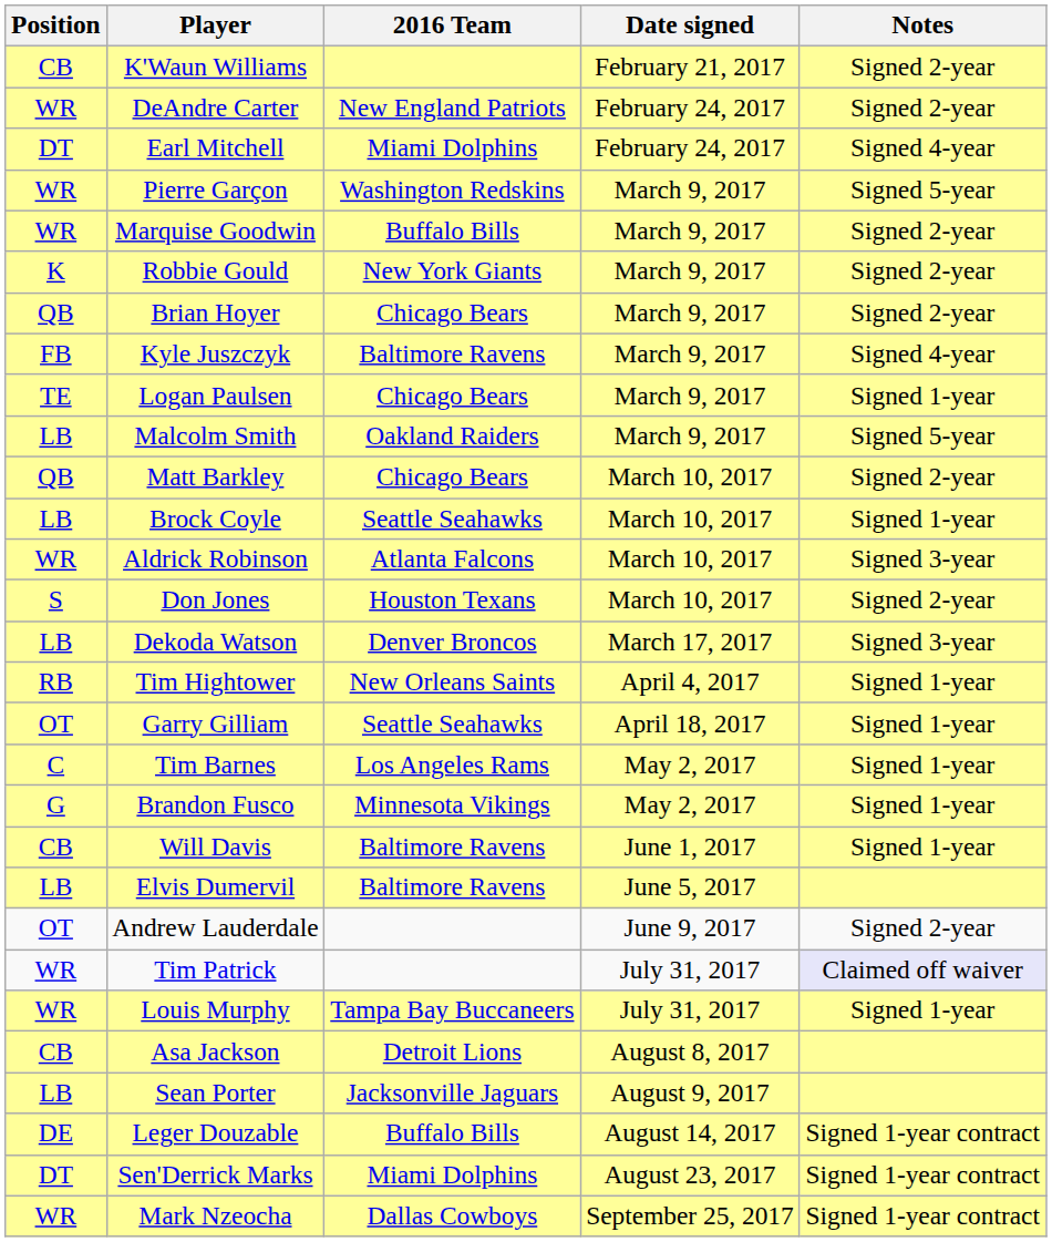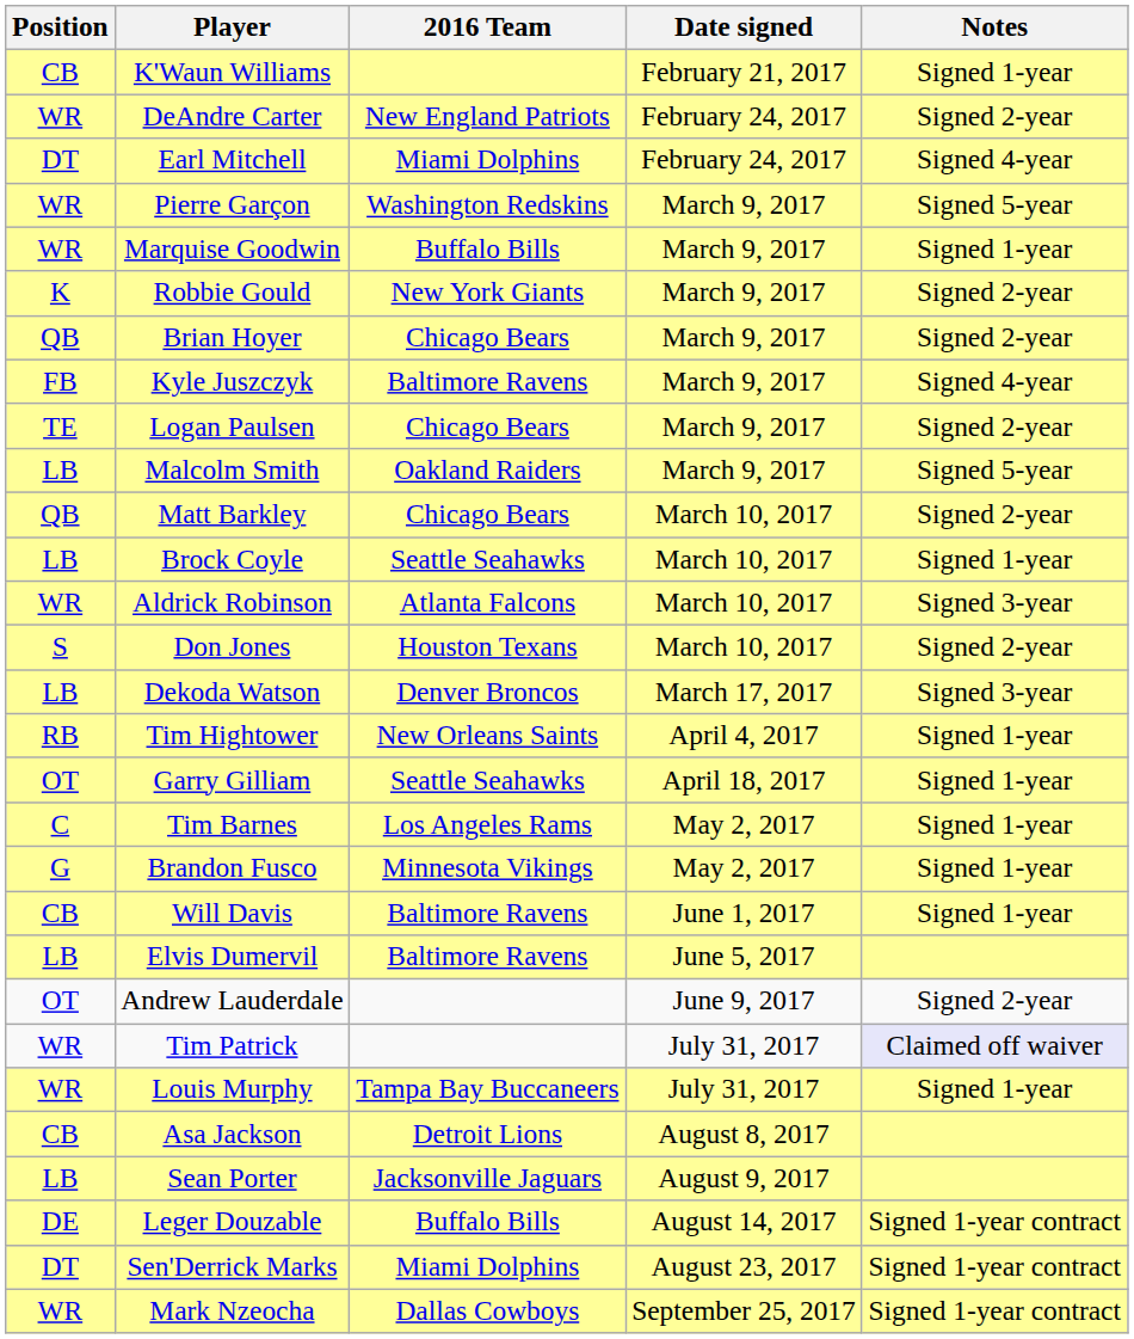 <table class="sortable wikitable">
 <tr>
 <th>Position</th>
 <th>Player</th>
 <th>2016 Team</th>
 <th>Date signed</th>
 <th>Notes</th>
 </tr>
 <tr style="background:#ff9;text-align:center">
 <td><a href='#'>CB</a></td>
 <td><a href='#'>K'Waun Williams</a></td>
 <td></td>
 <td>February 21, 2017</td>
-<td>Signed 2-year</td>
+<td>Signed 1-year</td>
 </tr>
 <tr style="background:#ff9;text-align:center">
 <td><a href='#'>WR</a></td>
 <td><a href='#'>DeAndre Carter</a></td>
 <td><a href='#'>New England Patriots</a></td>
 <td>February 24, 2017</td>
 <td>Signed 2-year</td>
 </tr>
 <tr style="background:#ff9; text-align:center">
 <td><a href='#'>DT</a></td>
 <td><a href='#'>Earl Mitchell</a></td>
 <td><a href='#'>Miami Dolphins</a></td>
 <td>February 24, 2017</td>
 <td>Signed 4-year</td>
 </tr>
 <tr style="background:#ff9; text-align:center">
 <td><a href='#'>WR</a></td>
 <td><a href='#'>Pierre Garçon</a></td>
 <td><a href='#'>Washington Redskins</a></td>
 <td>March 9, 2017</td>
 <td>Signed 5-year</td>
 </tr>
 <tr style="background:#ff9; text-align:center">
 <td><a href='#'>WR</a></td>
 <td><a href='#'>Marquise Goodwin</a></td>
 <td><a href='#'>Buffalo Bills</a></td>
 <td>March 9, 2017</td>
-<td>Signed 2-year</td>
+<td>Signed 1-year</td>
 </tr>
 <tr style="background:#ff9; text-align:center">
 <td><a href='#'>K</a></td>
 <td><a href='#'>Robbie Gould</a></td>
 <td><a href='#'>New York Giants</a></td>
 <td>March 9, 2017</td>
 <td>Signed 2-year</td>
 </tr>
 <tr style="background:#ff9; text-align:center">
 <td><a href='#'>QB</a></td>
 <td><a href='#'>Brian Hoyer</a></td>
 <td><a href='#'>Chicago Bears</a></td>
 <td>March 9, 2017</td>
 <td>Signed 2-year</td>
 </tr>
 <tr style="background:#ff9; text-align:center">
 <td><a href='#'>FB</a></td>
 <td><a href='#'>Kyle Juszczyk</a></td>
 <td><a href='#'>Baltimore Ravens</a></td>
 <td>March 9, 2017</td>
 <td>Signed 4-year</td>
 </tr>
 <tr style="background:#ff9; text-align:center">
 <td><a href='#'>TE</a></td>
 <td><a href='#'>Logan Paulsen</a></td>
 <td><a href='#'>Chicago Bears</a></td>
 <td>March 9, 2017</td>
-<td>Signed 1-year</td>
+<td>Signed 2-year</td>
 </tr>
 <tr style="background:#ff9; text-align:center">
 <td><a href='#'>LB</a></td>
 <td><a href='#'>Malcolm Smith</a></td>
 <td><a href='#'>Oakland Raiders</a></td>
 <td>March 9, 2017</td>
 <td>Signed 5-year</td>
 </tr>
 <tr style="background:#ff9; text-align:center">
 <td><a href='#'>QB</a></td>
 <td><a href='#'>Matt Barkley</a></td>
 <td><a href='#'>Chicago Bears</a></td>
 <td>March 10, 2017</td>
 <td>Signed 2-year</td>
 </tr>
 <tr style="background:#ff9; text-align:center">
 <td><a href='#'>LB</a></td>
 <td><a href='#'>Brock Coyle</a></td>
 <td><a href='#'>Seattle Seahawks</a></td>
 <td>March 10, 2017</td>
 <td>Signed 1-year</td>
 </tr>
 <tr style="background:#ff9; text-align:center">
 <td><a href='#'>WR</a></td>
 <td><a href='#'>Aldrick Robinson</a></td>
 <td><a href='#'>Atlanta Falcons</a></td>
 <td>March 10, 2017</td>
 <td>Signed 3-year</td>
 </tr>
 <tr style="background:#ff9; text-align:center">
 <td><a href='#'>S</a></td>
 <td><a href='#'>Don Jones</a></td>
 <td><a href='#'>Houston Texans</a></td>
 <td>March 10, 2017</td>
 <td>Signed 2-year</td>
 </tr>
 <tr style="background:#ff9; text-align:center">
 <td><a href='#'>LB</a></td>
 <td><a href='#'>Dekoda Watson</a></td>
 <td><a href='#'>Denver Broncos</a></td>
 <td>March 17, 2017</td>
 <td>Signed 3-year</td>
 </tr>
 <tr style="background:#ff9; text-align:center">
 <td><a href='#'>RB</a></td>
 <td><a href='#'>Tim Hightower</a></td>
 <td><a href='#'>New Orleans Saints</a></td>
 <td>April 4, 2017</td>
 <td>Signed 1-year</td>
 </tr>
 <tr style="background:#ff9; text-align:center">
 <td><a href='#'>OT</a></td>
 <td><a href='#'>Garry Gilliam</a></td>
 <td><a href='#'>Seattle Seahawks</a></td>
 <td>April 18, 2017</td>
 <td>Signed 1-year</td>
 </tr>
 <tr style="background:#ff9; text-align:center">
 <td><a href='#'>C</a></td>
 <td><a href='#'>Tim Barnes</a></td>
 <td><a href='#'>Los Angeles Rams</a></td>
 <td>May 2, 2017</td>
 <td>Signed 1-year</td>
 </tr>
 <tr style="background:#ff9; text-align:center">
 <td><a href='#'>G</a></td>
 <td><a href='#'>Brandon Fusco</a></td>
 <td><a href='#'>Minnesota Vikings</a></td>
 <td>May 2, 2017</td>
 <td>Signed 1-year</td>
 </tr>
 <tr style="background:#ff9; text-align:center">
 <td><a href='#'>CB</a></td>
 <td><a href='#'>Will Davis</a></td>
 <td><a href='#'>Baltimore Ravens</a></td>
 <td>June 1, 2017</td>
 <td>Signed 1-year</td>
 </tr>
 <tr style="background:#ff9; text-align:center">
 <td><a href='#'>LB</a></td>
 <td><a href='#'>Elvis Dumervil</a></td>
 <td><a href='#'>Baltimore Ravens</a></td>
 <td>June 5, 2017</td>
 <td></td>
 </tr>
 <tr style="text-align:center">
 <td><a href='#'>OT</a></td>
 <td>Andrew Lauderdale</td>
 <td></td>
 <td>June 9, 2017</td>
 <td>Signed 2-year</td>
 </tr>
 <tr style="text-align:center">
 <td><a href='#'>WR</a></td>
 <td><a href='#'>Tim Patrick</a></td>
 <td></td>
 <td>July 31, 2017</td>
 <td style="background: lavender;">Claimed off waiver</td>
 </tr>
 <tr style="background:#ff9; text-align:center">
 <td><a href='#'>WR</a></td>
 <td><a href='#'>Louis Murphy</a></td>
 <td><a href='#'>Tampa Bay Buccaneers</a></td>
 <td>July 31, 2017</td>
 <td>Signed 1-year</td>
 </tr>
 <tr style="background:#ff9; text-align:center">
 <td><a href='#'>CB</a></td>
 <td><a href='#'>Asa Jackson</a></td>
 <td><a href='#'>Detroit Lions</a></td>
 <td>August 8, 2017</td>
 <td></td>
 </tr>
 <tr style="background:#ff9; text-align:center">
 <td><a href='#'>LB</a></td>
 <td><a href='#'>Sean Porter</a></td>
 <td><a href='#'>Jacksonville Jaguars</a></td>
 <td>August 9, 2017</td>
 <td></td>
 </tr>
 <tr style="background:#ff9; text-align:center">
 <td><a href='#'>DE</a></td>
 <td><a href='#'>Leger Douzable</a></td>
 <td><a href='#'>Buffalo Bills</a></td>
 <td>August 14, 2017</td>
 <td>Signed 1-year contract</td>
 </tr>
 <tr style="background:#ff9; text-align:center">
 <td><a href='#'>DT</a></td>
 <td><a href='#'>Sen'Derrick Marks</a></td>
 <td><a href='#'>Miami Dolphins</a></td>
 <td>August 23, 2017</td>
 <td>Signed 1-year contract</td>
 </tr>
 <tr style="background:#ff9; text-align:center">
 <td><a href='#'>WR</a></td>
 <td><a href='#'>Mark Nzeocha</a></td>
 <td><a href='#'>Dallas Cowboys</a></td>
 <td>September 25, 2017</td>
 <td>Signed 1-year contract</td>
 </tr>
 </table>
